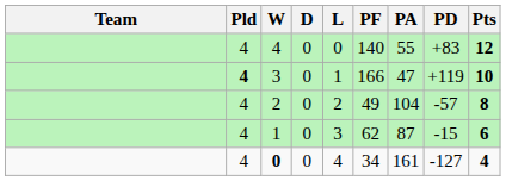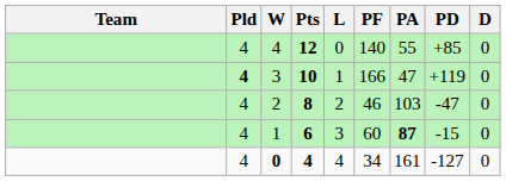 <table class="wikitable" style="text-align:center;">
 <tr>
 <th width=190>Team</th>
 <th width=20 abbr="Played">Pld</th>
 <th width=20 abbr="Won">W</th>
-<th width=20 abbr="Drawn">D</th>
+<th width=20 abbr="Points">Pts</th>
 <th width=20 abbr="Lost">L</th>
 <th width=20 abbr="Points for">PF</th>
 <th width=20 abbr="Points against">PA</th>
 <th width=25 abbr="Points difference">PD</th>
-<th width=20 abbr="Points">Pts</th>
+<th width=20 abbr="Drawn">D</th>
 </tr>
 <tr bgcolor=BBF3BB>
 <td align=left></td>
 <td>4</td>
 <td>4</td>
-<td>0</td>
+<td><strong>12</strong></td>
 <td>0</td>
 <td>140</td>
 <td>55</td>
-<td>+83</td>
-<td><strong>12</strong></td>
+<td>+85</td>
+<td>0</td>
 </tr>
 <tr bgcolor=BBF3BB>
 <td align=left></td>
 <td><strong>4</strong></td>
 <td>3</td>
-<td>0</td>
+<td><strong>10</strong></td>
 <td>1</td>
 <td>166</td>
 <td>47</td>
 <td>+119</td>
-<td><strong>10</strong></td>
+<td>0</td>
 </tr>
 <tr bgcolor=BBF3BB>
 <td align=left></td>
 <td>4</td>
 <td>2</td>
+<td><strong>8</strong></td>
+<td>2</td>
+<td>46</td>
+<td>103</td>
+<td>-47</td>
 <td>0</td>
-<td>2</td>
-<td>49</td>
-<td>104</td>
-<td>-57</td>
-<td><strong>8</strong></td>
 </tr>
 <tr bgcolor=BBF3BB>
 <td align=left></td>
 <td>4</td>
 <td>1</td>
+<td><strong>6</strong></td>
+<td>3</td>
+<td>60</td>
+<td><strong>87</strong></td>
+<td>-15</td>
 <td>0</td>
-<td>3</td>
-<td>62</td>
-<td>87</td>
-<td>-15</td>
-<td><strong>6</strong></td>
 </tr>
 <tr>
 <td align=left></td>
 <td>4</td>
 <td><strong>0</strong></td>
-<td>0</td>
+<td><strong>4</strong></td>
 <td>4</td>
 <td>34</td>
 <td>161</td>
 <td>-127</td>
-<td><strong>4</strong></td>
+<td>0</td>
 </tr>
 </table>
